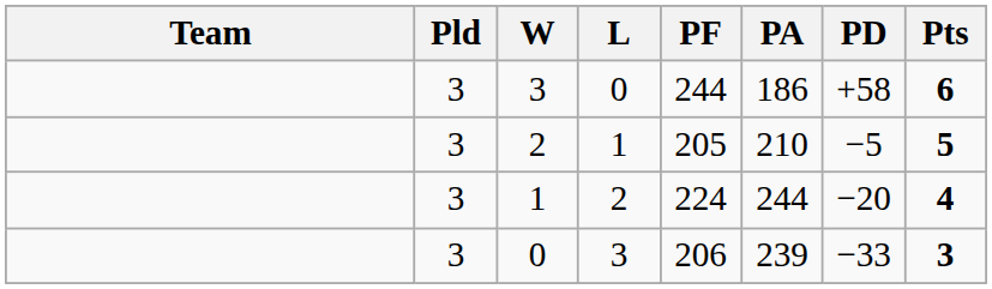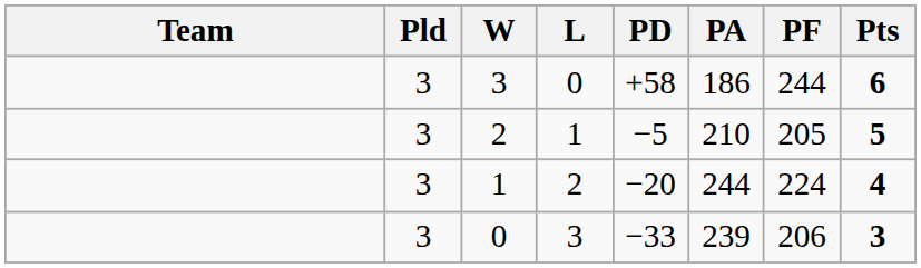 <table class=wikitable style="text-align:center">
 <tr>
 <th width=180>Team</th>
 <th width=30>Pld</th>
 <th width=30>W</th>
 <th width=30>L</th>
+<th width=30>PD</th>
+<th width=30>PA</th>
 <th width=30>PF</th>
-<th width=30>PA</th>
-<th width=30>PD</th>
 <th width=30>Pts</th>
 </tr>
 <tr>
 <td align="left"></td>
 <td>3</td>
 <td>3</td>
 <td>0</td>
+<td>+58</td>
+<td>186</td>
 <td>244</td>
-<td>186</td>
-<td>+58</td>
 <td><strong>6</strong></td>
 </tr>
 <tr>
 <td align="left"></td>
 <td>3</td>
 <td>2</td>
 <td>1</td>
+<td>−5</td>
+<td>210</td>
 <td>205</td>
-<td>210</td>
-<td>−5</td>
 <td><strong>5</strong></td>
 </tr>
 <tr>
 <td align="left"></td>
 <td>3</td>
 <td>1</td>
 <td>2</td>
+<td>−20</td>
+<td>244</td>
 <td>224</td>
-<td>244</td>
-<td>−20</td>
 <td><strong>4</strong></td>
 </tr>
 <tr>
 <td align="left"></td>
 <td>3</td>
 <td>0</td>
 <td>3</td>
+<td>−33</td>
+<td>239</td>
 <td>206</td>
-<td>239</td>
-<td>−33</td>
 <td><strong>3</strong></td>
 </tr>
 </table>
